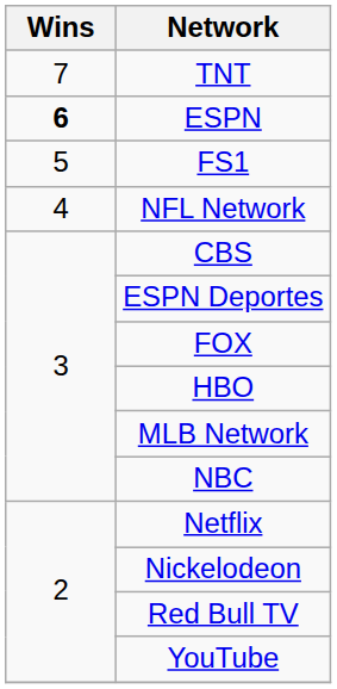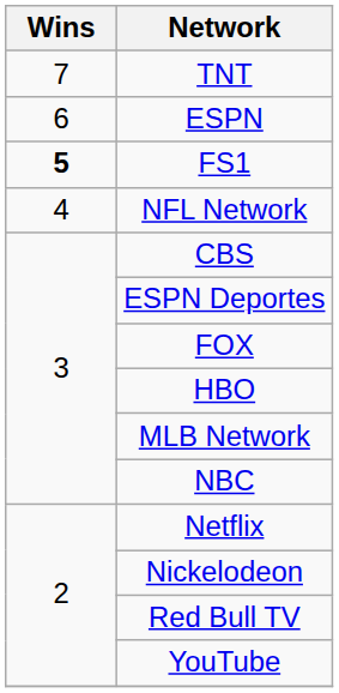 <table class="wikitable floatright" style="text-align: center;">
 <tr>
 <th scope="col" style="width:55px;">Wins</th>
 <th scope="col" style="text-align:center;">Network</th>
 </tr>
 <tr>
 <td scope=row style="text-align:center">7</td>
 <td><a href='#'>TNT</a></td>
 </tr>
 <tr>
-<td scope=row style="text-align:center"><strong>6</strong></td>
+<td scope=row style="text-align:center">6</td>
 <td><a href='#'>ESPN</a></td>
 </tr>
 <tr>
-<td scope=row style="text-align:center">5</td>
+<td scope=row style="text-align:center"><strong>5</strong></td>
 <td><a href='#'>FS1</a></td>
 </tr>
 <tr>
 <td scope=row style="text-align:center">4</td>
 <td><a href='#'>NFL Network</a></td>
 </tr>
 <tr>
 <td rowspan="6" scope=row style="text-align:center">3</td>
 <td><a href='#'>CBS</a></td>
 </tr>
 <tr>
 <td><a href='#'>ESPN Deportes</a></td>
 </tr>
 <tr>
 <td><a href='#'>FOX</a></td>
 </tr>
 <tr>
 <td><a href='#'>HBO</a></td>
 </tr>
 <tr>
 <td><a href='#'>MLB Network</a></td>
 </tr>
 <tr>
 <td><a href='#'>NBC</a></td>
 </tr>
 <tr>
 <td rowspan="4" scope=row style="text-align:center">2</td>
 <td><a href='#'>Netflix</a></td>
 </tr>
 <tr>
 <td><a href='#'>Nickelodeon</a></td>
 </tr>
 <tr>
 <td><a href='#'>Red Bull TV</a></td>
 </tr>
 <tr>
 <td><a href='#'>YouTube</a></td>
 </tr>
 <tr>
 </tr>
 </table>
